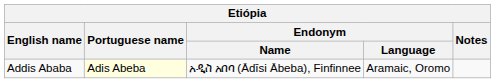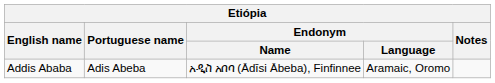 <table class="wikitable sortable">
 <tr>
 <th colspan="5"> Etiópia</th>
 </tr>
 <tr>
 <th rowspan="2">English name</th>
 <th rowspan="2">Portuguese name</th>
 <th colspan="2">Endonym</th>
 <th rowspan="2">Notes</th>
 </tr>
 <tr>
 <th>Name</th>
 <th>Language</th>
 </tr>
 <tr>
 <td>Addis Ababa</td>
-<td style="background: lightyellow;">Adis Abeba</td>
+<td>Adis Abeba</td>
 <td>አዲስ አበባ (Ādīsi Ābeba), Finfinnee</td>
 <td>Aramaic, Oromo</td>
 <td></td>
 </tr>
 </table>
